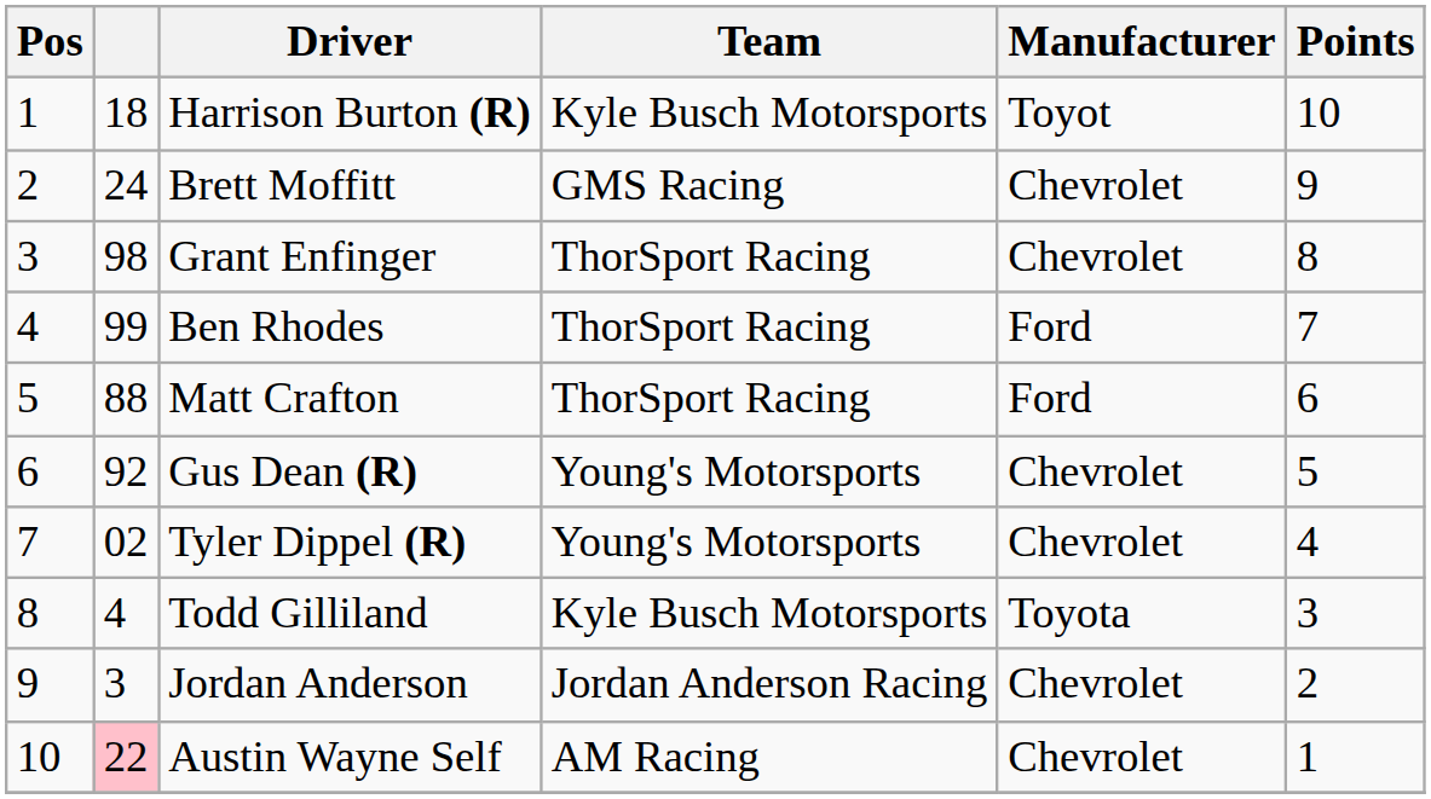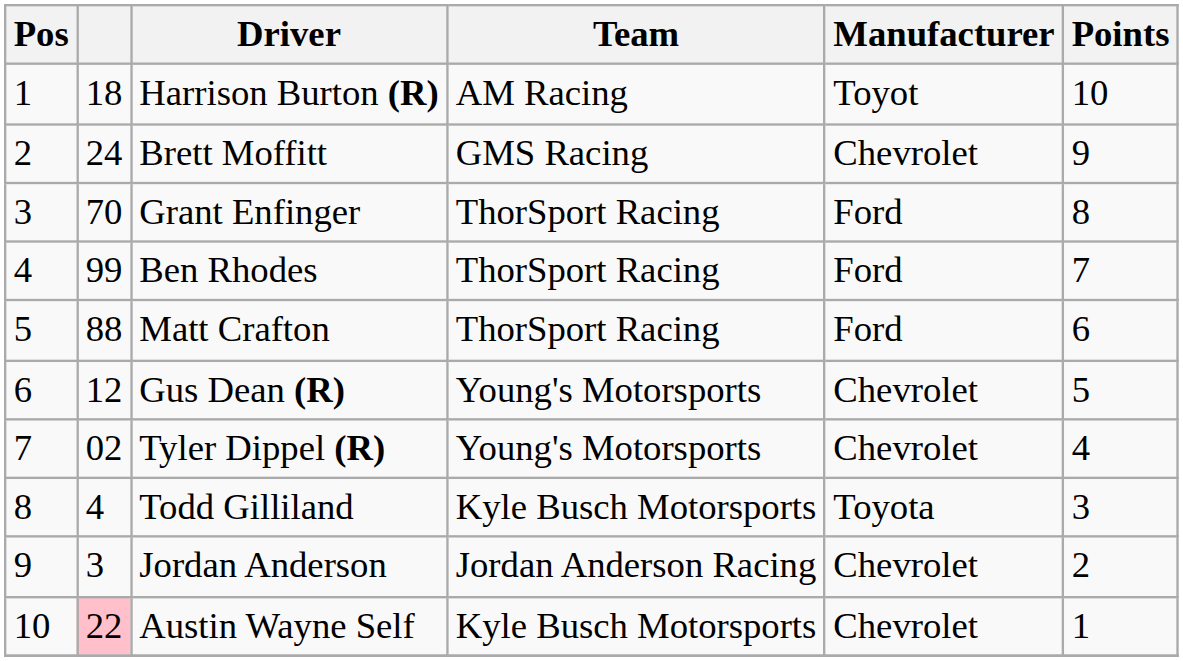 <table class="wikitable" style="font-size:98%">
 <tr>
 <th>Pos</th>
 <th></th>
 <th>Driver</th>
 <th>Team</th>
 <th>Manufacturer</th>
 <th>Points</th>
 </tr>
 <tr>
 <td>1</td>
 <td>18</td>
 <td>Harrison Burton <strong>(R)</strong></td>
-<td>Kyle Busch Motorsports</td>
+<td>AM Racing</td>
 <td>Toyot</td>
 <td>10</td>
 </tr>
 <tr>
 <td>2</td>
 <td>24</td>
 <td>Brett Moffitt</td>
 <td>GMS Racing</td>
 <td>Chevrolet</td>
 <td>9</td>
 </tr>
 <tr>
 <td>3</td>
-<td>98</td>
+<td>70</td>
 <td>Grant Enfinger</td>
 <td>ThorSport Racing</td>
-<td>Chevrolet</td>
+<td>Ford</td>
 <td>8</td>
 </tr>
 <tr>
 <td>4</td>
 <td>99</td>
 <td>Ben Rhodes</td>
 <td>ThorSport Racing</td>
 <td>Ford</td>
 <td>7</td>
 </tr>
 <tr>
 <td>5</td>
 <td>88</td>
 <td>Matt Crafton</td>
 <td>ThorSport Racing</td>
 <td>Ford</td>
 <td>6</td>
 </tr>
 <tr>
 <td>6</td>
-<td>92</td>
+<td>12</td>
 <td>Gus Dean <strong>(R)</strong></td>
 <td>Young's Motorsports</td>
 <td>Chevrolet</td>
 <td>5</td>
 </tr>
 <tr>
 <td>7</td>
 <td>02</td>
 <td>Tyler Dippel <strong>(R)</strong></td>
 <td>Young's Motorsports</td>
 <td>Chevrolet</td>
 <td>4</td>
 </tr>
 <tr>
 <td>8</td>
 <td>4</td>
 <td>Todd Gilliland</td>
 <td>Kyle Busch Motorsports</td>
 <td>Toyota</td>
 <td>3</td>
 </tr>
 <tr>
 <td>9</td>
 <td>3</td>
 <td>Jordan Anderson</td>
 <td>Jordan Anderson Racing</td>
 <td>Chevrolet</td>
 <td>2</td>
 </tr>
 <tr>
 <td>10</td>
 <td style="background: pink;">22</td>
 <td>Austin Wayne Self</td>
-<td>AM Racing</td>
+<td>Kyle Busch Motorsports</td>
 <td>Chevrolet</td>
 <td>1</td>
 </tr>
 <tr>
 </tr>
 </table>
